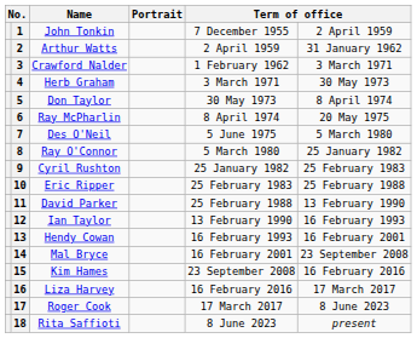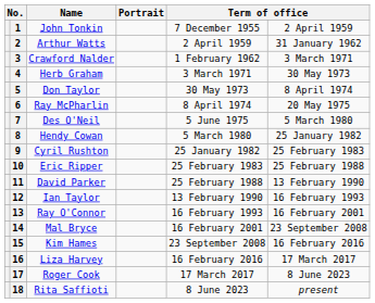 <table class="wikitable" style="text-align:center">
 <tr>
 <th colspan=2>No.</th>
 <th>Name</th>
 <th width=60>Portrait</th>
 <th colspan=2>Term of office</th>
 </tr>
 <tr>
 <th style="background:"></th>
 <th>1</th>
 <td><a href='#'>John Tonkin</a></td>
 <td></td>
 <td>7 December 1955</td>
 <td>2 April 1959</td>
 </tr>
 <tr>
 <th style="background:"></th>
 <th>2</th>
 <td><a href='#'>Arthur Watts</a></td>
 <td></td>
 <td>2 April 1959</td>
 <td>31 January 1962</td>
 </tr>
 <tr>
 <th style="background:"></th>
 <th>3</th>
 <td><a href='#'>Crawford Nalder</a></td>
 <td></td>
 <td>1 February 1962</td>
 <td>3 March 1971</td>
 </tr>
 <tr>
 <th style="background:"></th>
 <th>4</th>
 <td><a href='#'>Herb Graham</a></td>
 <td></td>
 <td>3 March 1971</td>
 <td>30 May 1973</td>
 </tr>
 <tr>
 <th style="background:"></th>
 <th>5</th>
 <td><a href='#'>Don Taylor</a></td>
 <td></td>
 <td>30 May 1973</td>
 <td>8 April 1974</td>
 </tr>
 <tr>
 <th style="background:"></th>
 <th>6</th>
 <td><a href='#'>Ray McPharlin</a></td>
 <td></td>
 <td>8 April 1974</td>
 <td>20 May 1975</td>
 </tr>
 <tr>
 <th style="background:"></th>
 <th>7</th>
 <td><a href='#'>Des O'Neil</a></td>
 <td></td>
 <td>5 June 1975</td>
 <td>5 March 1980</td>
 </tr>
 <tr>
 <th style="background:"></th>
 <th>8</th>
-<td><a href='#'>Ray O'Connor</a></td>
+<td><a href='#'>Hendy Cowan</a></td>
 <td></td>
 <td>5 March 1980</td>
 <td>25 January 1982</td>
 </tr>
 <tr>
 <th style="background:"></th>
 <th>9</th>
 <td><a href='#'>Cyril Rushton</a></td>
 <td></td>
 <td>25 January 1982</td>
 <td>25 February 1983</td>
 </tr>
 <tr>
 <th style="background:"></th>
 <th>10</th>
 <td><a href='#'>Eric Ripper</a></td>
 <td></td>
 <td>25 February 1983</td>
 <td>25 February 1988</td>
 </tr>
 <tr>
 <th style="background:"></th>
 <th>11</th>
 <td><a href='#'>David Parker</a></td>
 <td></td>
 <td>25 February 1988</td>
 <td>13 February 1990</td>
 </tr>
 <tr>
 <th style="background:"></th>
 <th>12</th>
 <td><a href='#'>Ian Taylor</a></td>
 <td></td>
 <td>13 February 1990</td>
 <td>16 February 1993</td>
 </tr>
 <tr>
 <th style="background:"></th>
 <th>13</th>
-<td><a href='#'>Hendy Cowan</a></td>
+<td><a href='#'>Ray O'Connor</a></td>
 <td></td>
 <td>16 February 1993</td>
 <td>16 February 2001</td>
 </tr>
 <tr>
 <th style="background:"></th>
 <th>14</th>
 <td><a href='#'>Mal Bryce</a></td>
 <td></td>
 <td>16 February 2001</td>
 <td>23 September 2008</td>
 </tr>
 <tr>
 <th style="background:"></th>
 <th>15</th>
 <td><a href='#'>Kim Hames</a></td>
 <td></td>
 <td>23 September 2008</td>
 <td>16 February 2016</td>
 </tr>
 <tr>
 <th style="background:"></th>
 <th>16</th>
 <td><a href='#'>Liza Harvey</a></td>
 <td></td>
 <td>16 February 2016</td>
 <td>17 March 2017</td>
 </tr>
 <tr>
 <th style="background:"></th>
 <th>17</th>
 <td><a href='#'>Roger Cook</a></td>
 <td></td>
 <td>17 March 2017</td>
 <td>8 June 2023</td>
 </tr>
 <tr>
 <th style="background:"></th>
 <th>18</th>
 <td><a href='#'>Rita Saffioti</a></td>
 <td></td>
 <td>8 June 2023</td>
 <td><em>present</em></td>
 </tr>
 </table>
